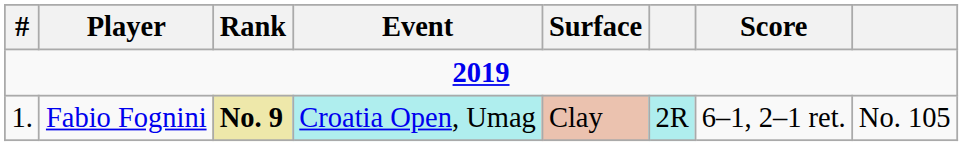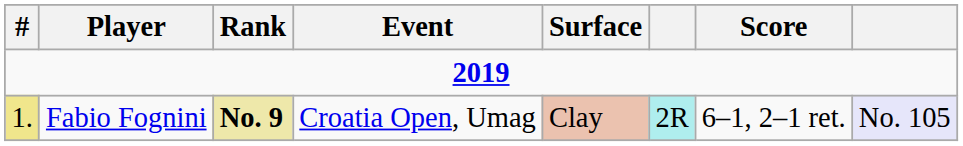 <table class="wikitable sortable">
 <tr>
 <th>#</th>
 <th>Player</th>
 <th>Rank</th>
 <th>Event</th>
 <th>Surface</th>
 <th></th>
 <th>Score</th>
 <th></th>
 </tr>
 <tr>
 <td colspan=8 style=text-align:center><strong><a href='#'>2019</a></strong></td>
 </tr>
 <tr>
-<td>1.</td>
+<td style="background: khaki;">1.</td>
 <td> <a href='#'>Fabio Fognini</a></td>
 <td style="background:#eee8aa;"><strong>No. 9</strong></td>
-<td style="background: paleturquoise;"><a href='#'>Croatia Open</a>, Umag</td>
+<td><a href='#'>Croatia Open</a>, Umag</td>
 <td style="background:#ebc2af;">Clay</td>
 <td style="background:#afeeee;">2R</td>
 <td>6–1, 2–1 ret.</td>
-<td>No. 105</td>
+<td style="background: lavender;">No. 105</td>
 </tr>
 </table>
